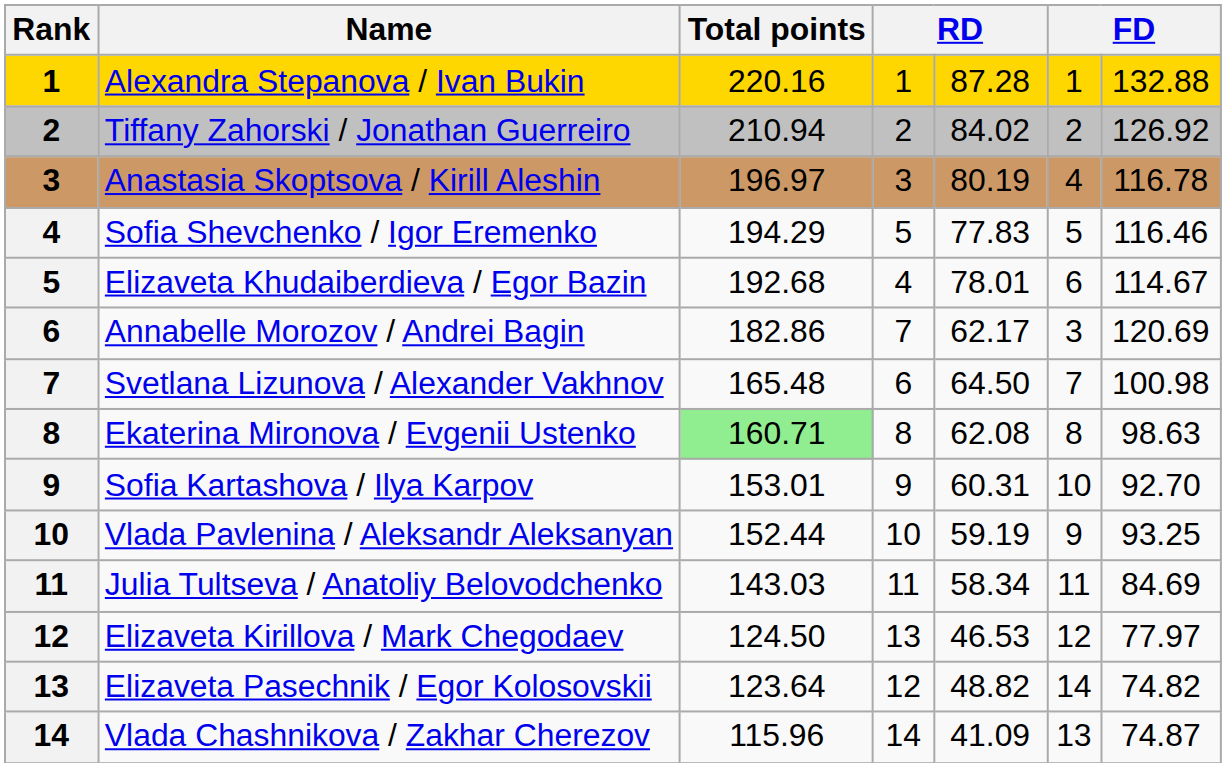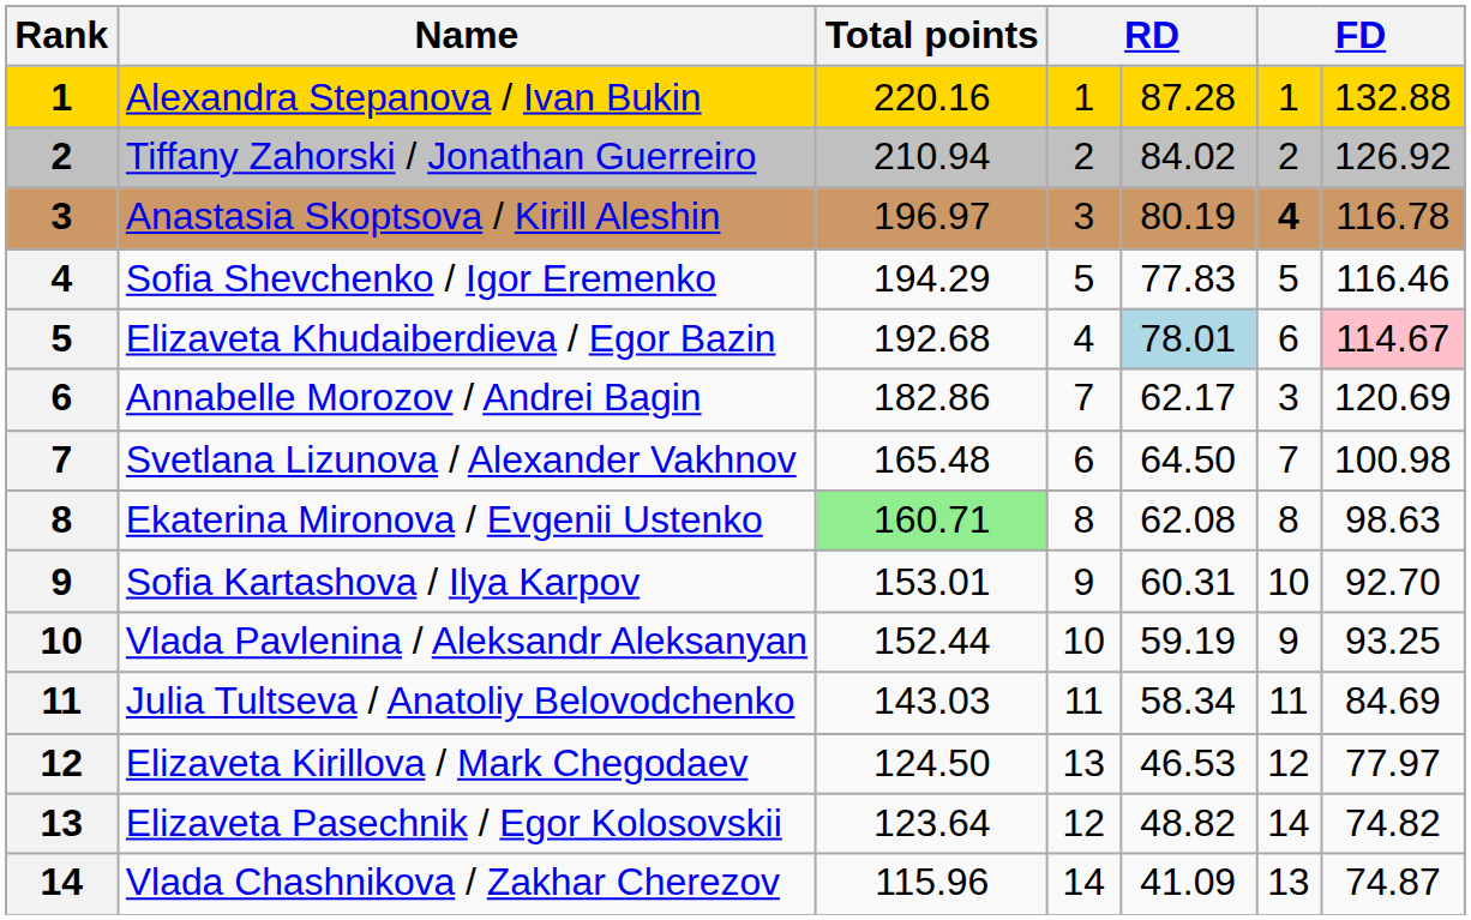 <table class="wikitable sortable">
 <tr>
 <th>Rank</th>
 <th>Name</th>
 <th>Total points</th>
 <th colspan="2" width="80px"><a href='#'>RD</a></th>
 <th colspan="2" width="80px"><a href='#'>FD</a></th>
 </tr>
 <tr bgcolor="gold">
 <td align="center"><strong>1</strong></td>
 <td><a href='#'>Alexandra Stepanova</a> / <a href='#'>Ivan Bukin</a></td>
 <td align="center">220.16</td>
 <td align="center">1</td>
 <td align="center">87.28</td>
 <td align="center">1</td>
 <td align="center">132.88</td>
 </tr>
 <tr bgcolor="silver">
 <td align="center"><strong>2</strong></td>
 <td><a href='#'>Tiffany Zahorski</a> / <a href='#'>Jonathan Guerreiro</a></td>
 <td align="center">210.94</td>
 <td align="center">2</td>
 <td align="center">84.02</td>
 <td align="center">2</td>
 <td align="center">126.92</td>
 </tr>
 <tr bgcolor="cc9966">
 <td align="center"><strong>3</strong></td>
 <td><a href='#'>Anastasia Skoptsova</a> / <a href='#'>Kirill Aleshin</a></td>
 <td align="center">196.97</td>
 <td align="center">3</td>
 <td align="center">80.19</td>
-<td align="center">4</td>
+<td align="center"><strong>4</strong></td>
 <td align="center">116.78</td>
 </tr>
 <tr>
 <th>4</th>
 <td><a href='#'>Sofia Shevchenko</a> / <a href='#'>Igor Eremenko</a></td>
 <td align="center">194.29</td>
 <td align="center">5</td>
 <td align="center">77.83</td>
 <td align="center">5</td>
 <td align="center">116.46</td>
 </tr>
 <tr>
 <th>5</th>
 <td><a href='#'>Elizaveta Khudaiberdieva</a> / <a href='#'>Egor Bazin</a></td>
 <td align="center">192.68</td>
 <td align="center">4</td>
-<td align="center">78.01</td>
+<td align="center" style="background: lightblue;">78.01</td>
 <td align="center">6</td>
-<td align="center">114.67</td>
+<td align="center" style="background: pink;">114.67</td>
 </tr>
 <tr>
 <th>6</th>
 <td><a href='#'>Annabelle Morozov</a> / <a href='#'>Andrei Bagin</a></td>
 <td align="center">182.86</td>
 <td align="center">7</td>
 <td align="center">62.17</td>
 <td align="center">3</td>
 <td align="center">120.69</td>
 </tr>
 <tr>
 <th>7</th>
 <td><a href='#'>Svetlana Lizunova</a> / <a href='#'>Alexander Vakhnov</a></td>
 <td align="center">165.48</td>
 <td align="center">6</td>
 <td align="center">64.50</td>
 <td align="center">7</td>
 <td align="center">100.98</td>
 </tr>
 <tr>
 <th>8</th>
 <td><a href='#'>Ekaterina Mironova</a> / <a href='#'>Evgenii Ustenko</a></td>
 <td align="center" style="background: lightgreen;">160.71</td>
 <td align="center">8</td>
 <td align="center">62.08</td>
 <td align="center">8</td>
 <td align="center">98.63</td>
 </tr>
 <tr>
 <th>9</th>
 <td><a href='#'>Sofia Kartashova</a> / <a href='#'>Ilya Karpov</a></td>
 <td align="center">153.01</td>
 <td align="center">9</td>
 <td align="center">60.31</td>
 <td align="center">10</td>
 <td align="center">92.70</td>
 </tr>
 <tr>
 <th>10</th>
 <td><a href='#'>Vlada Pavlenina</a> / <a href='#'>Aleksandr Aleksanyan</a></td>
 <td align="center">152.44</td>
 <td align="center">10</td>
 <td align="center">59.19</td>
 <td align="center">9</td>
 <td align="center">93.25</td>
 </tr>
 <tr>
 <th>11</th>
 <td><a href='#'>Julia Tultseva</a> / <a href='#'>Anatoliy Belovodchenko</a></td>
 <td align="center">143.03</td>
 <td align="center">11</td>
 <td align="center">58.34</td>
 <td align="center">11</td>
 <td align="center">84.69</td>
 </tr>
 <tr>
 <th>12</th>
 <td><a href='#'>Elizaveta Kirillova</a> / <a href='#'>Mark Chegodaev</a></td>
 <td align="center">124.50</td>
 <td align="center">13</td>
 <td align="center">46.53</td>
 <td align="center">12</td>
 <td align="center">77.97</td>
 </tr>
 <tr>
 <th>13</th>
 <td><a href='#'>Elizaveta Pasechnik</a> / <a href='#'>Egor Kolosovskii</a></td>
 <td align="center">123.64</td>
 <td align="center">12</td>
 <td align="center">48.82</td>
 <td align="center">14</td>
 <td align="center">74.82</td>
 </tr>
 <tr>
 <th>14</th>
 <td><a href='#'>Vlada Chashnikova</a> / <a href='#'>Zakhar Cherezov</a></td>
 <td align="center">115.96</td>
 <td align="center">14</td>
 <td align="center">41.09</td>
 <td align="center">13</td>
 <td align="center">74.87</td>
 </tr>
 </table>
